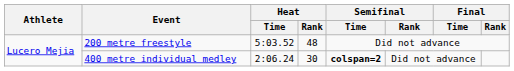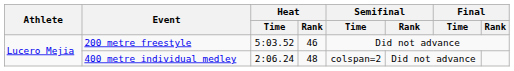 <table class="wikitable" style="text-align:center; font-size:90%; width:50%;">
 <tr>
 <th rowspan="2">Athlete</th>
 <th rowspan="2">Event</th>
 <th colspan="2">Heat</th>
 <th colspan="2">Semifinal</th>
 <th colspan="2">Final</th>
 </tr>
 <tr style="font-size:95%">
 <th>Time</th>
 <th>Rank</th>
 <th>Time</th>
 <th>Rank</th>
 <th>Time</th>
 <th>Rank</th>
 </tr>
 <tr>
 <td align=left rowspan=2><a href='#'>Lucero Mejia</a></td>
 <td align=left><a href='#'>200 metre freestyle</a></td>
 <td>5:03.52</td>
-<td>48</td>
+<td>46</td>
 <td colspan=4>Did not advance</td>
 </tr>
 <tr>
 <td align=left><a href='#'>400 metre individual medley</a></td>
 <td>2:06.24</td>
-<td>30</td>
-<td><strong>colspan=2 </strong></td>
+<td>48</td>
+<td>colspan=2 </td>
 <td colspan=2>Did not advance</td>
 </tr>
 </table>
